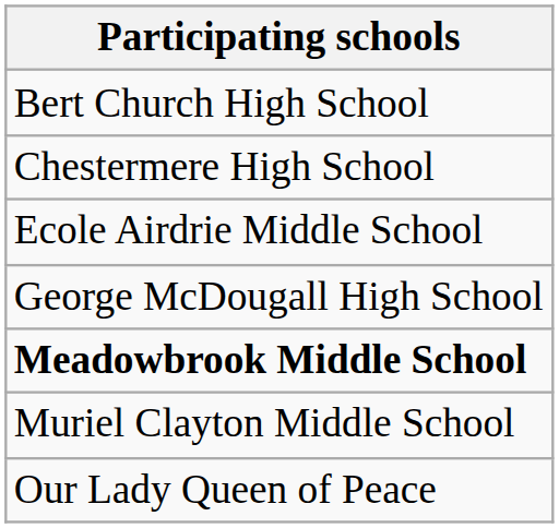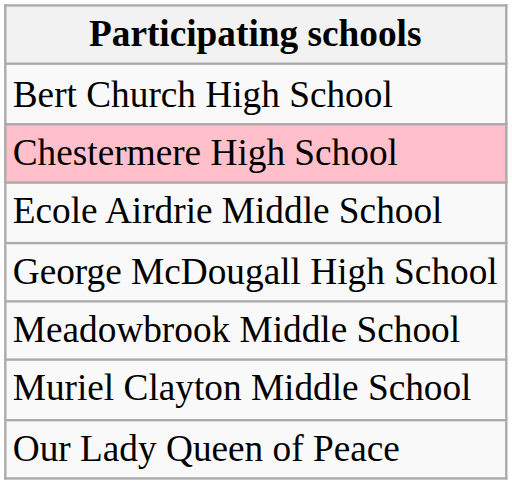 <table class="wikitable" align=right>
 <tr>
 <th>Participating schools</th>
 </tr>
 <tr>
 <td>Bert Church High School</td>
 </tr>
 <tr>
-<td>Chestermere High School</td>
+<td style="background: pink;">Chestermere High School</td>
 </tr>
 <tr>
 <td>Ecole Airdrie Middle School</td>
 </tr>
 <tr>
 <td>George McDougall High School</td>
 </tr>
 <tr>
-<td><strong>Meadowbrook Middle School</strong></td>
+<td>Meadowbrook Middle School</td>
 </tr>
 <tr>
 <td>Muriel Clayton Middle School</td>
 </tr>
 <tr>
 <td>Our Lady Queen of Peace</td>
 </tr>
 </table>
